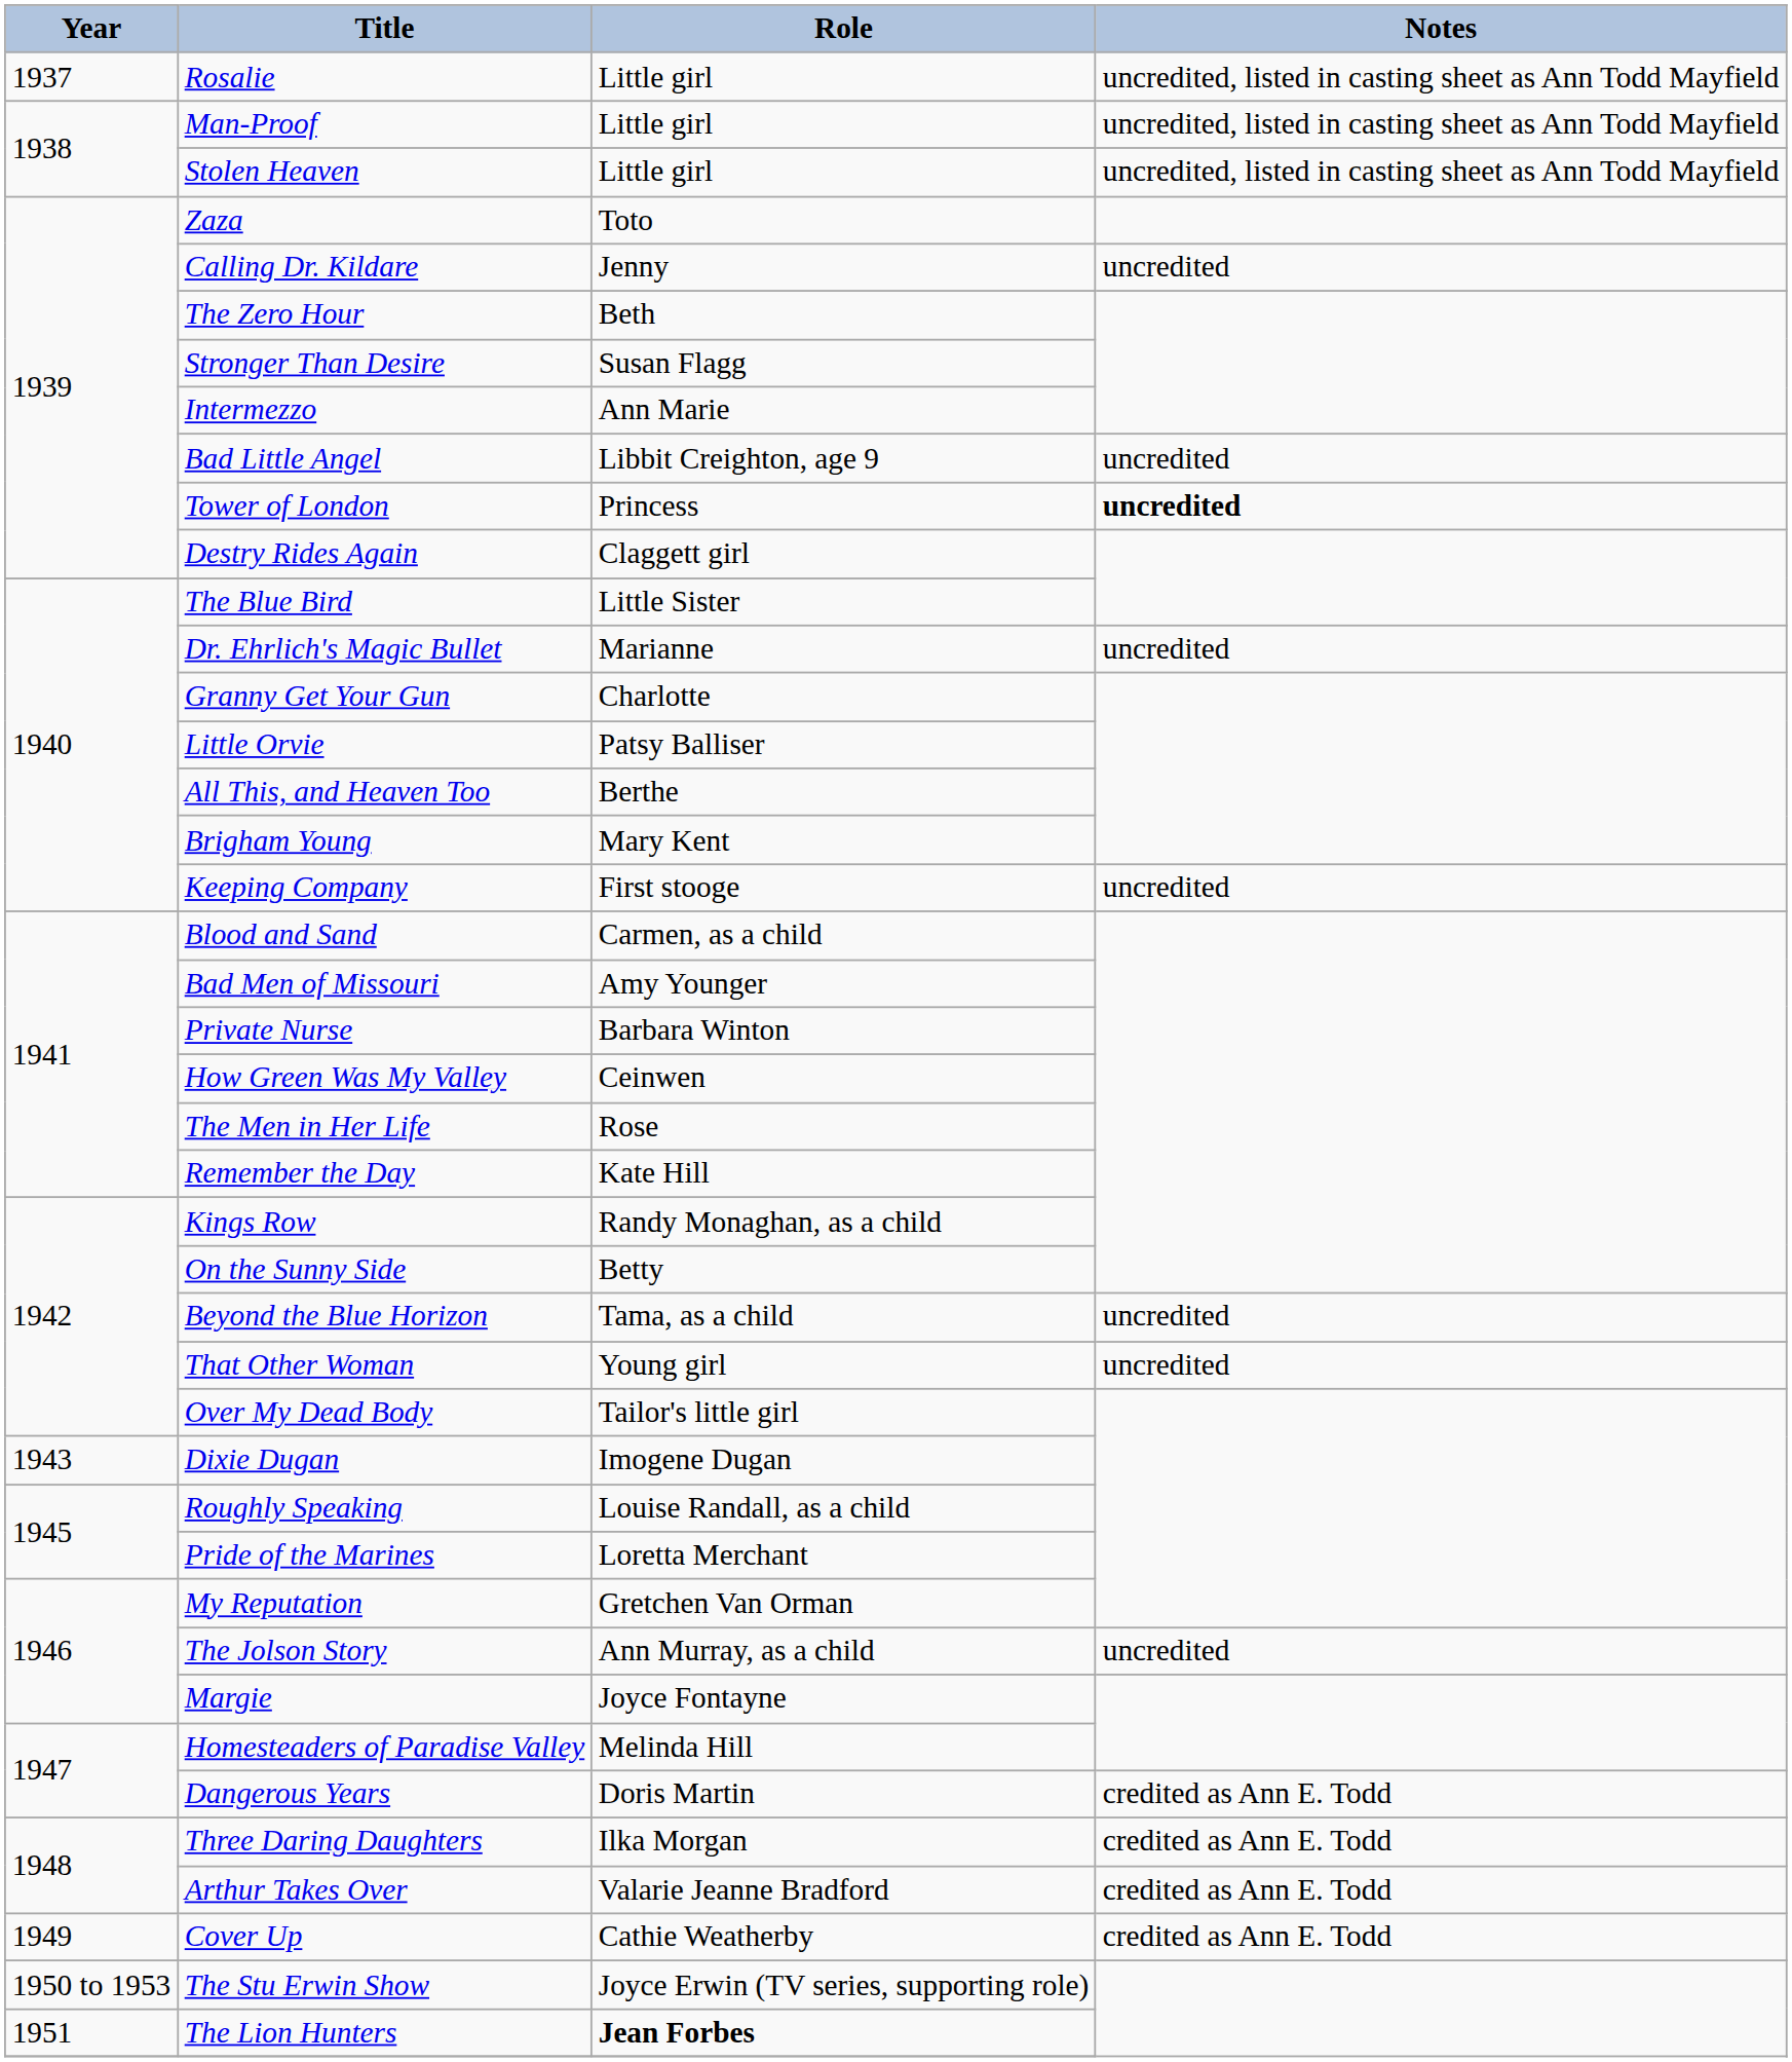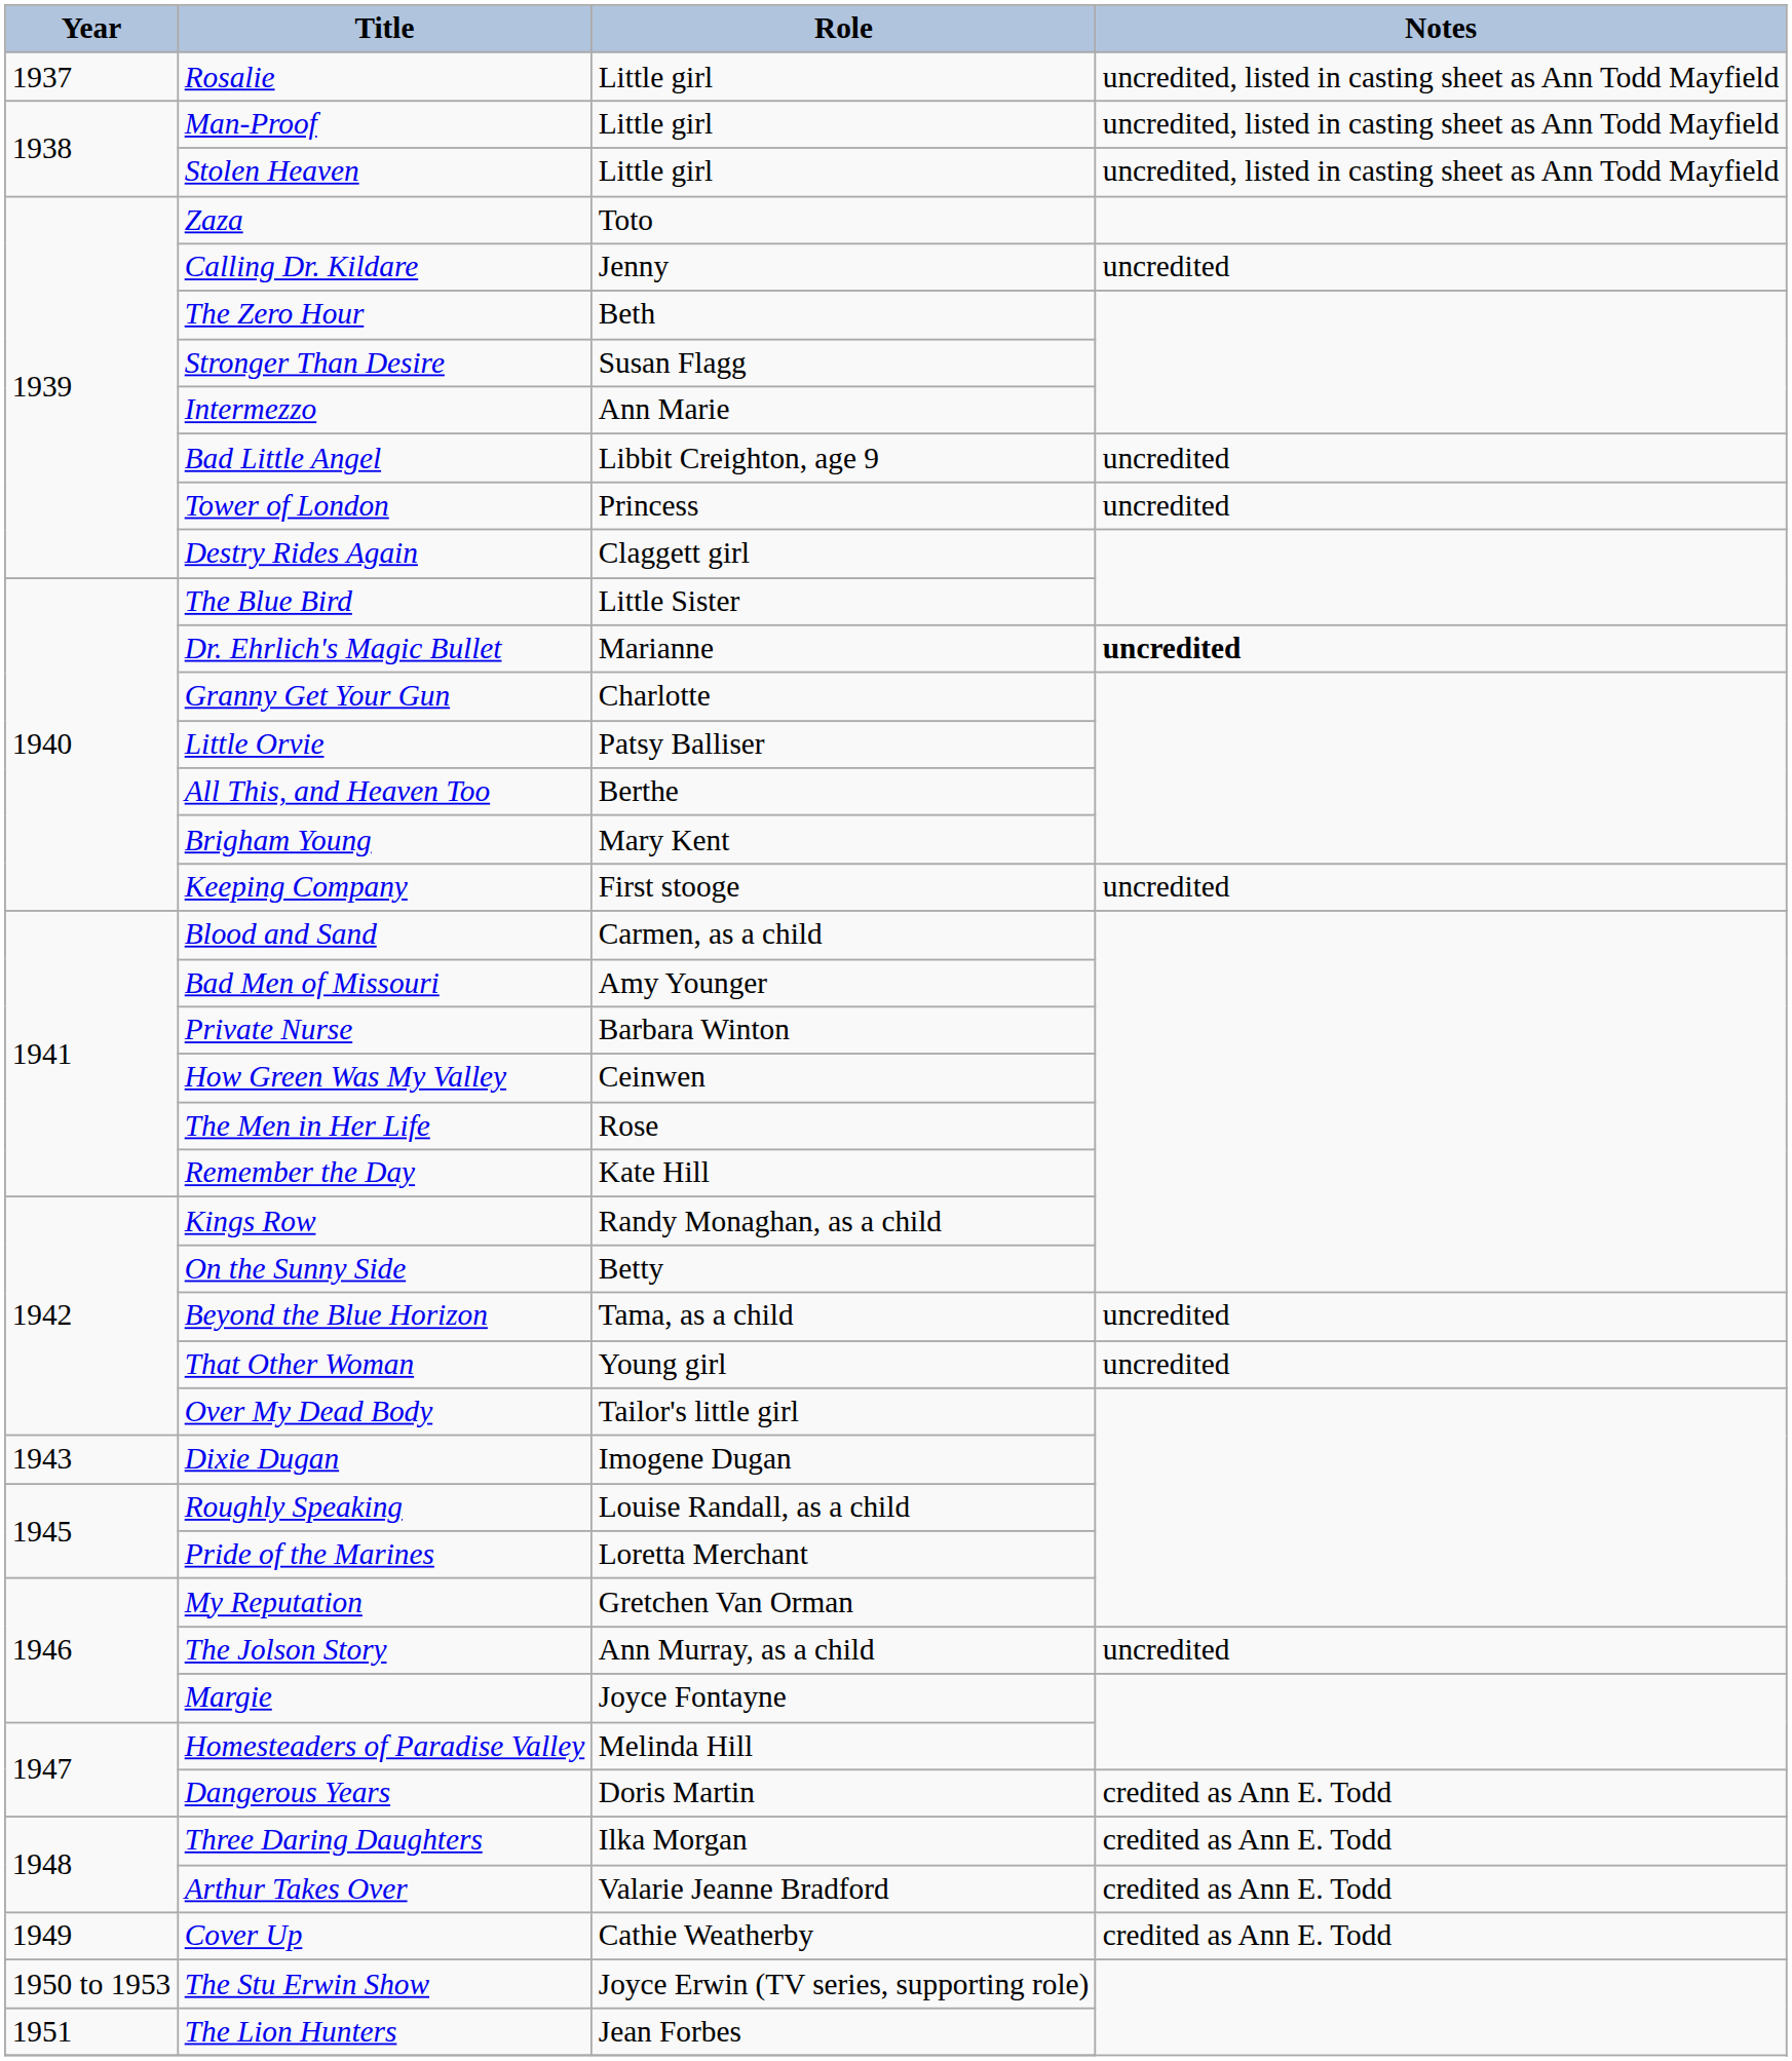 <table class="wikitable">
 <tr>
 <th style="background:#B0C4DE;">Year</th>
 <th style="background:#B0C4DE;">Title</th>
 <th style="background:#B0C4DE;">Role</th>
 <th style="background:#B0C4DE;">Notes</th>
 </tr>
 <tr>
 <td rowspan=1>1937</td>
 <td><em><a href='#'>Rosalie</a></em></td>
 <td>Little girl</td>
 <td>uncredited, listed in casting sheet as Ann Todd Mayfield</td>
 </tr>
 <tr>
 <td rowspan=2>1938</td>
 <td><em><a href='#'>Man-Proof</a></em></td>
 <td>Little girl</td>
 <td>uncredited, listed in casting sheet as Ann Todd Mayfield</td>
 </tr>
 <tr>
 <td><em><a href='#'>Stolen Heaven</a></em></td>
 <td>Little girl</td>
 <td>uncredited, listed in casting sheet as Ann Todd Mayfield</td>
 </tr>
 <tr>
 <td rowspan=8>1939</td>
 <td><em><a href='#'>Zaza</a></em></td>
 <td>Toto</td>
 </tr>
 <tr>
 <td><em><a href='#'>Calling Dr. Kildare</a></em></td>
 <td>Jenny</td>
 <td>uncredited</td>
 </tr>
 <tr>
 <td><em><a href='#'>The Zero Hour</a></em></td>
 <td>Beth</td>
 </tr>
 <tr>
 <td><em><a href='#'>Stronger Than Desire</a></em></td>
 <td>Susan Flagg</td>
 </tr>
 <tr>
 <td><em><a href='#'>Intermezzo</a></em></td>
 <td>Ann Marie</td>
 </tr>
 <tr>
 <td><em><a href='#'>Bad Little Angel</a></em></td>
 <td>Libbit Creighton, age 9</td>
 <td>uncredited</td>
 </tr>
 <tr>
 <td><em><a href='#'>Tower of London</a></em></td>
 <td>Princess</td>
-<td><strong>uncredited</strong></td>
+<td>uncredited</td>
 </tr>
 <tr>
 <td><em><a href='#'>Destry Rides Again</a></em></td>
 <td>Claggett girl</td>
 </tr>
 <tr>
 <td rowspan=7>1940</td>
 <td><em><a href='#'>The Blue Bird</a></em></td>
 <td>Little Sister</td>
 </tr>
 <tr>
 <td><em><a href='#'>Dr. Ehrlich's Magic Bullet</a></em></td>
 <td>Marianne</td>
-<td>uncredited</td>
+<td><strong>uncredited</strong></td>
 </tr>
 <tr>
 <td><em><a href='#'>Granny Get Your Gun</a></em></td>
 <td>Charlotte</td>
 </tr>
 <tr>
 <td><em><a href='#'>Little Orvie</a></em></td>
 <td>Patsy Balliser</td>
 </tr>
 <tr>
 <td><em><a href='#'>All This, and Heaven Too</a></em></td>
 <td>Berthe</td>
 </tr>
 <tr>
 <td><em><a href='#'>Brigham Young</a></em></td>
 <td>Mary Kent</td>
 </tr>
 <tr>
 <td><em><a href='#'>Keeping Company</a></em></td>
 <td>First stooge</td>
 <td>uncredited</td>
 </tr>
 <tr>
 <td rowspan=6>1941</td>
 <td><em><a href='#'>Blood and Sand</a></em></td>
 <td>Carmen, as a child</td>
 </tr>
 <tr>
 <td><em><a href='#'>Bad Men of Missouri</a></em></td>
 <td>Amy Younger</td>
 </tr>
 <tr>
 <td><em><a href='#'>Private Nurse</a></em></td>
 <td>Barbara Winton</td>
 </tr>
 <tr>
 <td><em><a href='#'>How Green Was My Valley</a></em></td>
 <td>Ceinwen</td>
 </tr>
 <tr>
 <td><em><a href='#'>The Men in Her Life</a></em></td>
 <td>Rose</td>
 </tr>
 <tr>
 <td><em><a href='#'>Remember the Day</a></em></td>
 <td>Kate Hill</td>
 </tr>
 <tr>
 <td rowspan=5>1942</td>
 <td><em><a href='#'>Kings Row</a></em></td>
 <td>Randy Monaghan, as a child</td>
 </tr>
 <tr>
 <td><em><a href='#'>On the Sunny Side</a></em></td>
 <td>Betty</td>
 </tr>
 <tr>
 <td><em><a href='#'>Beyond the Blue Horizon</a></em></td>
 <td>Tama, as a child</td>
 <td>uncredited</td>
 </tr>
 <tr>
 <td><em><a href='#'>That Other Woman</a></em></td>
 <td>Young girl</td>
 <td>uncredited</td>
 </tr>
 <tr>
 <td><em><a href='#'>Over My Dead Body</a></em></td>
 <td>Tailor's little girl</td>
 </tr>
 <tr>
 <td rowspan=1>1943</td>
 <td><em><a href='#'>Dixie Dugan</a></em></td>
 <td>Imogene Dugan</td>
 </tr>
 <tr>
 <td rowspan=2>1945</td>
 <td><em><a href='#'>Roughly Speaking</a></em></td>
 <td>Louise Randall, as a child</td>
 </tr>
 <tr>
 <td><em><a href='#'>Pride of the Marines</a></em></td>
 <td>Loretta Merchant</td>
 </tr>
 <tr>
 <td rowspan=3>1946</td>
 <td><em><a href='#'>My Reputation</a></em></td>
 <td>Gretchen Van Orman</td>
 </tr>
 <tr>
 <td><em><a href='#'>The Jolson Story</a></em></td>
 <td>Ann Murray, as a child</td>
 <td>uncredited</td>
 </tr>
 <tr>
 <td><em><a href='#'>Margie</a></em></td>
 <td>Joyce Fontayne</td>
 </tr>
 <tr>
 <td rowspan=2>1947</td>
 <td><em><a href='#'>Homesteaders of Paradise Valley</a></em></td>
 <td>Melinda Hill</td>
 </tr>
 <tr>
 <td><em><a href='#'>Dangerous Years</a></em></td>
 <td>Doris Martin</td>
 <td>credited as Ann E. Todd</td>
 </tr>
 <tr>
 <td rowspan=2>1948</td>
 <td><em><a href='#'>Three Daring Daughters</a></em></td>
 <td>Ilka Morgan</td>
 <td>credited as Ann E. Todd</td>
 </tr>
 <tr>
 <td><em><a href='#'>Arthur Takes Over</a></em></td>
 <td>Valarie Jeanne Bradford</td>
 <td>credited as Ann E. Todd</td>
 </tr>
 <tr>
 <td rowspan=1>1949</td>
 <td><em><a href='#'>Cover Up</a></em></td>
 <td>Cathie Weatherby</td>
 <td>credited as Ann E. Todd</td>
 </tr>
 <tr>
 <td rowspan=1>1950 to 1953</td>
 <td><em><a href='#'>The Stu Erwin Show</a></em></td>
 <td>Joyce Erwin (TV series, supporting role)</td>
 </tr>
 <tr>
 <td rowspan=1>1951</td>
 <td><em><a href='#'>The Lion Hunters</a></em></td>
-<td><strong>Jean Forbes</strong></td>
+<td>Jean Forbes</td>
 </tr>
 <tr>
 </tr>
 </table>
